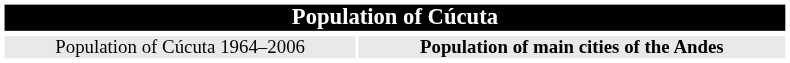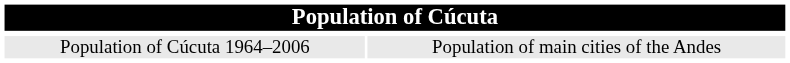 <table class="toc" cellpadding="0" cellspacing="2"  style="width:600px; float:center; margin:0.5em 0.5em 0.5em 1em; padding:0.5e text-align:left; clear:all; margin-left:3px; font-size:90%;">
 <tr>
 <td colspan="4"  style="text-align:center; background:#black; color:white; font-size:120%; background-color:black;"><strong>Population of Cúcuta</strong></td>
 </tr>
 <tr>
 <td style="text-align:center; background:white;"></td>
 <td style="text-align:center; background:white;"></td>
 </tr>
 <tr style="text-align:center; background:#e9e9e9;">
 <td>Population of Cúcuta 1964–2006</td>
-<td><strong>Population of main cities of the Andes</strong></td>
+<td>Population of main cities of the Andes</td>
 </tr>
 </table>
